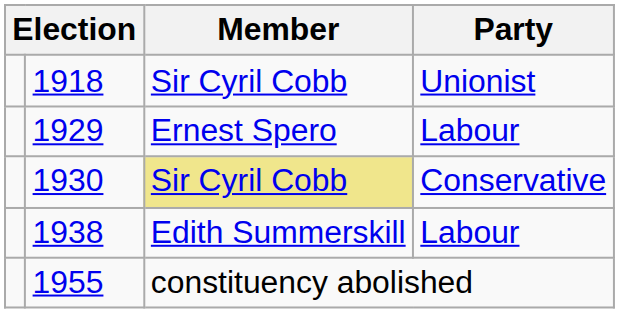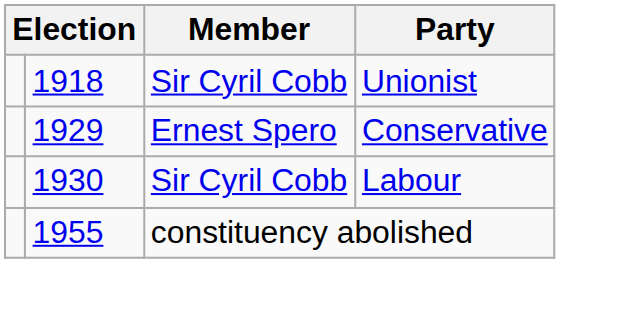 <table class="wikitable">
 <tr>
 <th colspan="2">Election</th>
 <th>Member</th>
 <th>Party</th>
 </tr>
 <tr>
 <td style="color:inherit;background-color: "></td>
 <td><a href='#'>1918</a></td>
 <td><a href='#'>Sir Cyril Cobb</a></td>
 <td><a href='#'>Unionist</a></td>
 </tr>
 <tr>
 <td style="color:inherit;background-color: "></td>
 <td><a href='#'>1929</a></td>
 <td><a href='#'>Ernest Spero</a></td>
-<td><a href='#'>Labour</a></td>
+<td><a href='#'>Conservative</a></td>
 </tr>
 <tr>
 <td style="color:inherit;background-color: "></td>
 <td><a href='#'>1930</a></td>
-<td style="background: khaki;"><a href='#'>Sir Cyril Cobb</a></td>
-<td><a href='#'>Conservative</a></td>
-</tr>
-<tr>
-<td style="color:inherit;background-color: "></td>
-<td><a href='#'>1938</a></td>
-<td><a href='#'>Edith Summerskill</a></td>
+<td><a href='#'>Sir Cyril Cobb</a></td>
 <td><a href='#'>Labour</a></td>
 </tr>
 <tr>
 <td></td>
 <td><a href='#'>1955</a></td>
 <td colspan="2">constituency abolished</td>
 </tr>
 </table>
